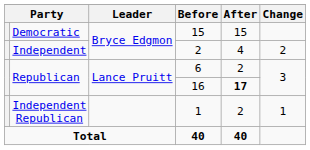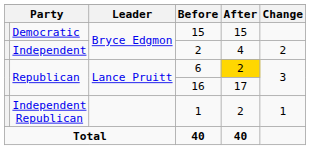 <table class="wikitable" style="text-align:center;">
 <tr>
 </tr>
 <tr>
 <th colspan=2>Party</th>
 <th>Leader</th>
 <th>Before</th>
 <th>After</th>
 <th>Change</th>
 </tr>
 <tr>
 <th style="background-color:"></th>
 <td style="text-align:left;"><a href='#'>Democratic</a></td>
 <td rowspan=2 style="text-align:left;"><a href='#'>Bryce Edgmon</a></td>
 <td>15</td>
 <td>15</td>
 <td></td>
 </tr>
 <tr>
 <th style="background-color:"></th>
 <td style="text-align:left;"><a href='#'>Independent</a></td>
 <td>2</td>
 <td>4</td>
 <td> 2</td>
 </tr>
 <tr>
 <th rowspan=2 style="background-color:"></th>
 <td rowspan=2 style="text-align:left;"><a href='#'>Republican</a></td>
 <td rowspan=2><a href='#'>Lance Pruitt</a></td>
 <td>6</td>
-<td>2</td>
+<td style="background: gold;">2</td>
 <td rowspan=2> 3</td>
 </tr>
 <tr>
 <td>16</td>
-<td><strong>17</strong></td>
+<td>17</td>
 </tr>
 <tr>
 <th style="background-color:"></th>
 <td><a href='#'>Independent<br>Republican</a></td>
 <td></td>
 <td>1</td>
 <td>2</td>
 <td> 1</td>
 </tr>
 <tr>
 <td colspan=3><strong>Total</strong></td>
 <td><strong>40</strong></td>
 <td><strong>40</strong></td>
 <td></td>
 </tr>
 </table>
